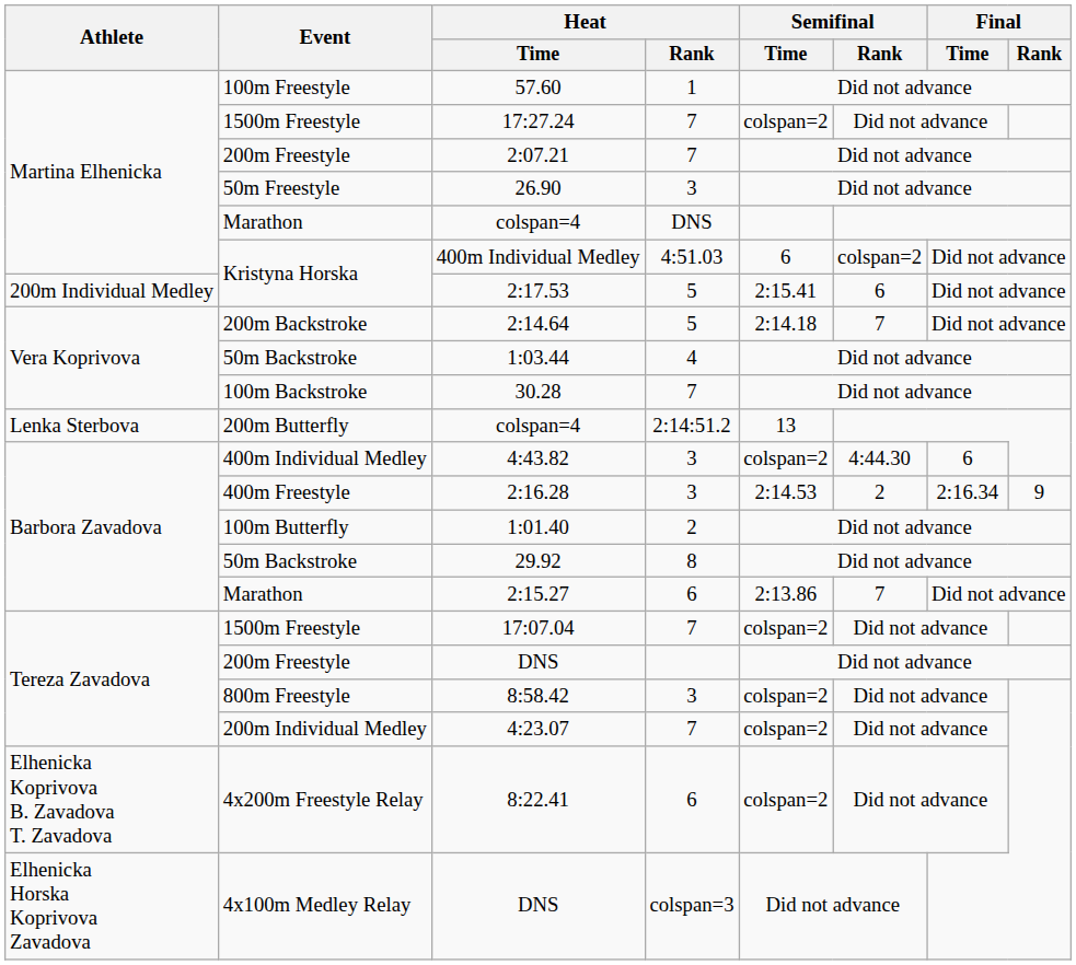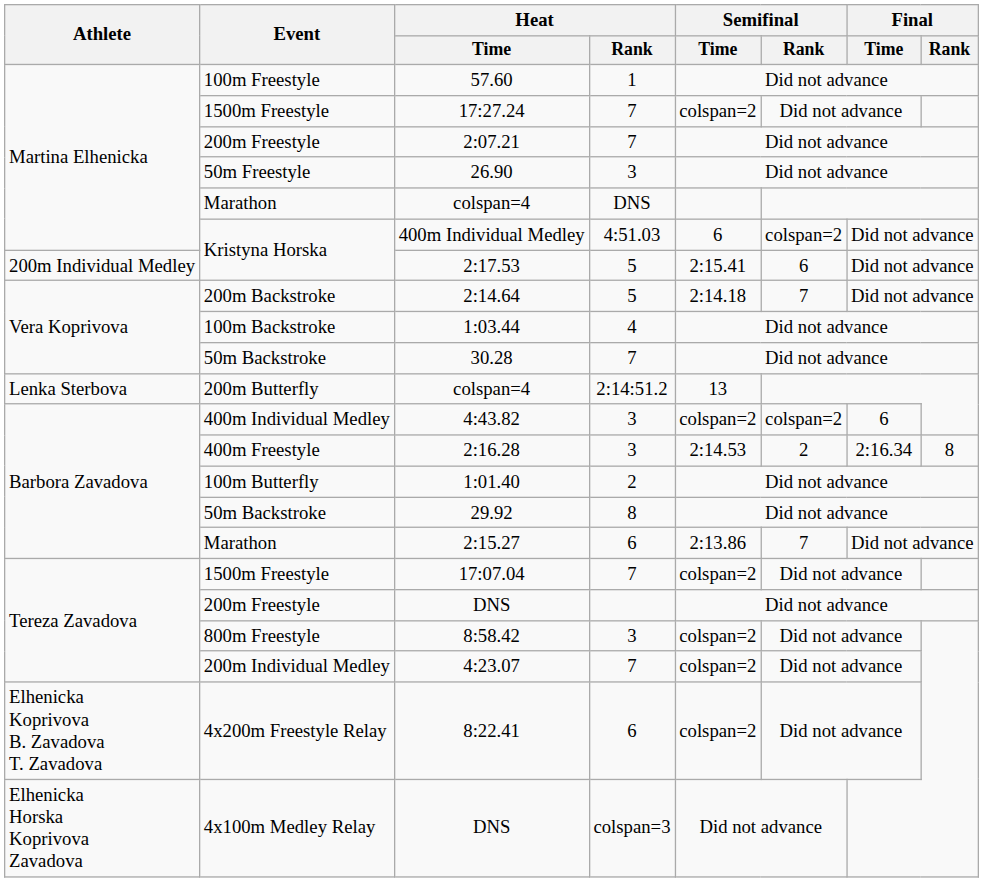 <table class=wikitable style="font-size:90%">
 <tr>
 <th rowspan="2">Athlete</th>
 <th rowspan="2">Event</th>
 <th colspan="2">Heat</th>
 <th colspan="2">Semifinal</th>
 <th colspan="2">Final</th>
 </tr>
 <tr style="font-size:95%">
 <th>Time</th>
 <th>Rank</th>
 <th>Time</th>
 <th>Rank</th>
 <th>Time</th>
 <th>Rank</th>
 </tr>
 <tr align=center>
 <td align=left rowspan=6>Martina Elhenicka</td>
 <td align=left>100m Freestyle</td>
 <td>57.60</td>
 <td>1</td>
 <td colspan=4>Did not advance</td>
 </tr>
 <tr align=center>
 <td align=left>1500m Freestyle</td>
 <td>17:27.24</td>
 <td>7</td>
 <td>colspan=2 </td>
 <td colspan=2>Did not advance</td>
 </tr>
 <tr align=center>
 <td align=left>200m Freestyle</td>
 <td>2:07.21</td>
 <td>7</td>
 <td colspan=4>Did not advance</td>
 </tr>
 <tr align=center>
 <td align=left>50m Freestyle</td>
 <td>26.90</td>
 <td>3</td>
 <td colspan=4>Did not advance</td>
 </tr>
 <tr align=center>
 <td align=left>Marathon</td>
 <td>colspan=4 </td>
 <td>DNS</td>
 <td></td>
 </tr>
 <tr align=center>
 <td align=left rowspan=2>Kristyna Horska</td>
 <td align=left>400m Individual Medley</td>
 <td>4:51.03</td>
 <td>6</td>
 <td>colspan=2 </td>
 <td colspan=2>Did not advance</td>
 </tr>
 <tr align=center>
 <td align=left>200m Individual Medley</td>
 <td>2:17.53</td>
 <td>5</td>
 <td>2:15.41</td>
 <td>6</td>
 <td colspan=2>Did not advance</td>
 </tr>
 <tr align=center>
 <td align=left rowspan=3>Vera Koprivova</td>
 <td align=left>200m Backstroke</td>
 <td>2:14.64</td>
 <td>5</td>
 <td>2:14.18</td>
 <td>7</td>
 <td colspan=2>Did not advance</td>
 </tr>
 <tr align=center>
-<td align=left>50m Backstroke</td>
+<td align=left>100m Backstroke</td>
 <td>1:03.44</td>
 <td>4</td>
 <td colspan=4>Did not advance</td>
 </tr>
 <tr align=center>
-<td align=left>100m Backstroke</td>
+<td align=left>50m Backstroke</td>
 <td>30.28</td>
 <td>7</td>
 <td colspan=4>Did not advance</td>
 </tr>
 <tr align=center>
 <td align=left>Lenka Sterbova</td>
 <td align=left>200m Butterfly</td>
 <td>colspan=4 </td>
 <td>2:14:51.2</td>
 <td>13</td>
 </tr>
 <tr align=center>
 <td align=left rowspan=5>Barbora Zavadova</td>
 <td align=left>400m Individual Medley</td>
 <td>4:43.82</td>
 <td>3</td>
 <td>colspan=2 </td>
-<td>4:44.30</td>
+<td>colspan=2 </td>
 <td>6</td>
 </tr>
 <tr align=center>
 <td align=left>400m Freestyle</td>
 <td>2:16.28</td>
 <td>3</td>
 <td>2:14.53</td>
 <td>2</td>
 <td>2:16.34</td>
-<td>9</td>
+<td>8</td>
 </tr>
 <tr align=center>
 <td align=left>100m Butterfly</td>
 <td>1:01.40</td>
 <td>2</td>
 <td colspan=4>Did not advance</td>
 </tr>
 <tr align=center>
 <td align=left>50m Backstroke</td>
 <td>29.92</td>
 <td>8</td>
 <td colspan=4>Did not advance</td>
 </tr>
 <tr align=center>
 <td align=left>Marathon</td>
 <td>2:15.27</td>
 <td>6</td>
 <td>2:13.86</td>
 <td>7</td>
 <td colspan=2>Did not advance</td>
 </tr>
 <tr align=center>
 <td align=left rowspan=4>Tereza Zavadova</td>
 <td align=left>1500m Freestyle</td>
 <td>17:07.04</td>
 <td>7</td>
 <td>colspan=2 </td>
 <td colspan=2>Did not advance</td>
 </tr>
 <tr align=center>
 <td align=left>200m Freestyle</td>
 <td>DNS</td>
 <td></td>
 <td colspan=4>Did not advance</td>
 </tr>
 <tr align=center>
 <td align=left>800m Freestyle</td>
 <td>8:58.42</td>
 <td>3</td>
 <td>colspan=2 </td>
 <td colspan=2>Did not advance</td>
 </tr>
 <tr align=center>
 <td align=left>200m Individual Medley</td>
 <td>4:23.07</td>
 <td>7</td>
 <td>colspan=2 </td>
 <td colspan=2>Did not advance</td>
 </tr>
 <tr align=center>
 <td align=left>Elhenicka<br>Koprivova<br>B. Zavadova<br>T. Zavadova</td>
 <td align=left>4x200m Freestyle Relay</td>
 <td>8:22.41</td>
 <td>6</td>
 <td>colspan=2 </td>
 <td colspan=2>Did not advance</td>
 </tr>
 <tr align=center>
 <td align=left>Elhenicka<br>Horska<br>Koprivova<br>Zavadova</td>
 <td align=left>4x100m Medley Relay</td>
 <td>DNS</td>
 <td>colspan=3 </td>
 <td colspan=2>Did not advance</td>
 </tr>
 </table>
